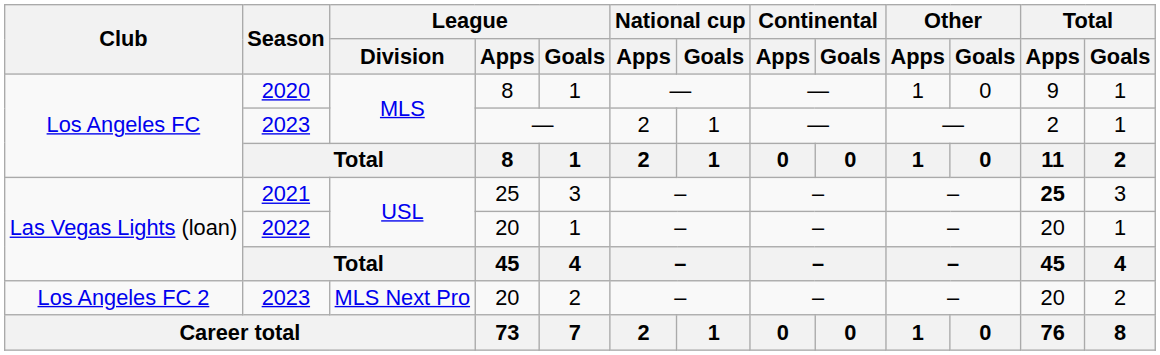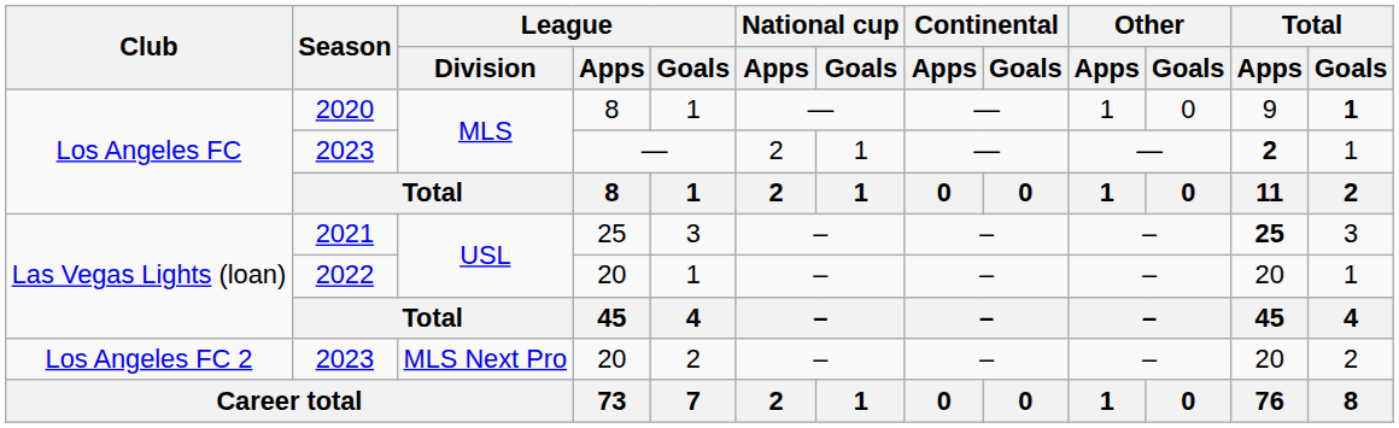 <table class=wikitable style=text-align:center>
 <tr>
 <th rowspan=2>Club</th>
 <th rowspan=2>Season</th>
 <th colspan=3>League</th>
 <th colspan=2>National cup</th>
 <th colspan=2>Continental</th>
 <th colspan=2>Other</th>
 <th colspan=2>Total</th>
 </tr>
 <tr>
 <th>Division</th>
 <th>Apps</th>
 <th>Goals</th>
 <th>Apps</th>
 <th>Goals</th>
 <th>Apps</th>
 <th>Goals</th>
 <th>Apps</th>
 <th>Goals</th>
 <th>Apps</th>
 <th>Goals</th>
 </tr>
 <tr>
 <td rowspan="3"><a href='#'>Los Angeles FC</a></td>
 <td><a href='#'>2020</a></td>
 <td rowspan="2"><a href='#'>MLS</a></td>
 <td>8</td>
 <td>1</td>
 <td colspan=2>—</td>
 <td colspan=2>—</td>
 <td>1</td>
 <td>0</td>
 <td>9</td>
-<td>1</td>
+<td><strong>1</strong></td>
 </tr>
 <tr>
 <td><a href='#'>2023</a></td>
 <td colspan=2>—</td>
 <td>2</td>
 <td>1</td>
 <td colspan=2>—</td>
 <td colspan=2>—</td>
-<td>2</td>
+<td><strong>2</strong></td>
 <td>1</td>
 </tr>
 <tr>
 <th colspan="2">Total</th>
 <th>8</th>
 <th>1</th>
 <th>2</th>
 <th>1</th>
 <th>0</th>
 <th>0</th>
 <th>1</th>
 <th>0</th>
 <th>11</th>
 <th>2</th>
 </tr>
 <tr>
 <td rowspan="3"><a href='#'>Las Vegas Lights</a> (loan)</td>
 <td><a href='#'>2021</a></td>
 <td rowspan="2"><a href='#'>USL</a></td>
 <td>25</td>
 <td>3</td>
 <td colspan="2">–</td>
 <td colspan="2">–</td>
 <td colspan="2">–</td>
 <td><strong>25</strong></td>
 <td>3</td>
 </tr>
 <tr>
 <td><a href='#'>2022</a></td>
 <td>20</td>
 <td>1</td>
 <td colspan="2">–</td>
 <td colspan="2">–</td>
 <td colspan="2">–</td>
 <td>20</td>
 <td>1</td>
 </tr>
 <tr>
 <th colspan="2">Total</th>
 <th>45</th>
 <th>4</th>
 <th colspan="2">–</th>
 <th colspan="2">–</th>
 <th colspan="2">–</th>
 <th>45</th>
 <th>4</th>
 </tr>
 <tr>
 <td rowspan="1"><a href='#'>Los Angeles FC 2</a></td>
 <td><a href='#'>2023</a></td>
 <td rowspan="1"><a href='#'>MLS Next Pro</a></td>
 <td>20</td>
 <td>2</td>
 <td colspan="2">–</td>
 <td colspan="2">–</td>
 <td colspan="2">–</td>
 <td>20</td>
 <td>2</td>
 </tr>
 <tr>
 <th colspan="3"><strong>Career total</strong></th>
 <th>73</th>
 <th>7</th>
 <th>2</th>
 <th>1</th>
 <th>0</th>
 <th>0</th>
 <th>1</th>
 <th>0</th>
 <th>76</th>
 <th>8</th>
 </tr>
 </table>
